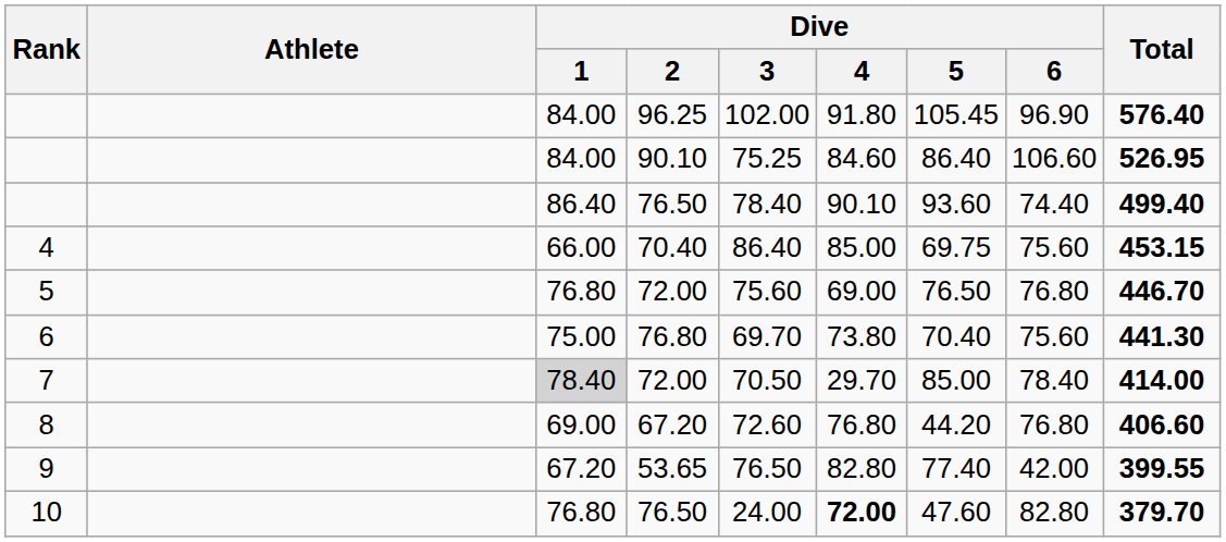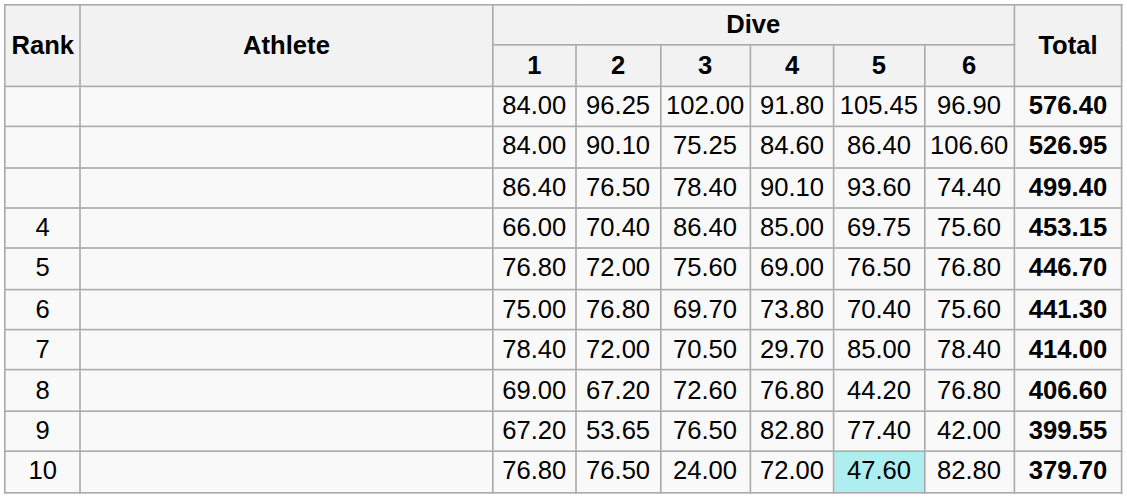 <table class=wikitable style="text-align:center">
 <tr>
 <th rowspan="2" width=40>Rank</th>
 <th rowspan="2" width=250>Athlete</th>
 <th colspan="6">Dive</th>
 <th rowspan="2" width=60>Total</th>
 </tr>
 <tr>
 <th width=45>1</th>
 <th width=45>2</th>
 <th width=45>3</th>
 <th width=45>4</th>
 <th width=45>5</th>
 <th width=45>6</th>
 </tr>
 <tr>
 <td></td>
 <td align=left></td>
 <td>84.00</td>
 <td>96.25</td>
 <td>102.00</td>
 <td>91.80</td>
 <td>105.45</td>
 <td>96.90</td>
 <td><strong>576.40</strong></td>
 </tr>
 <tr>
 <td></td>
 <td align=left></td>
 <td>84.00</td>
 <td>90.10</td>
 <td>75.25</td>
 <td>84.60</td>
 <td>86.40</td>
 <td>106.60</td>
 <td><strong>526.95</strong></td>
 </tr>
 <tr>
 <td></td>
 <td align=left></td>
 <td>86.40</td>
 <td>76.50</td>
 <td>78.40</td>
 <td>90.10</td>
 <td>93.60</td>
 <td>74.40</td>
 <td><strong>499.40</strong></td>
 </tr>
 <tr>
 <td>4</td>
 <td align=left></td>
 <td>66.00</td>
 <td>70.40</td>
 <td>86.40</td>
 <td>85.00</td>
 <td>69.75</td>
 <td>75.60</td>
 <td><strong>453.15</strong></td>
 </tr>
 <tr>
 <td>5</td>
 <td align=left></td>
 <td>76.80</td>
 <td>72.00</td>
 <td>75.60</td>
 <td>69.00</td>
 <td>76.50</td>
 <td>76.80</td>
 <td><strong>446.70</strong></td>
 </tr>
 <tr>
 <td>6</td>
 <td align=left></td>
 <td>75.00</td>
 <td>76.80</td>
 <td>69.70</td>
 <td>73.80</td>
 <td>70.40</td>
 <td>75.60</td>
 <td><strong>441.30</strong></td>
 </tr>
 <tr>
 <td>7</td>
 <td align=left></td>
-<td style="background: lightgrey;">78.40</td>
+<td>78.40</td>
 <td>72.00</td>
 <td>70.50</td>
 <td>29.70</td>
 <td>85.00</td>
 <td>78.40</td>
 <td><strong>414.00</strong></td>
 </tr>
 <tr>
 <td>8</td>
 <td align=left></td>
 <td>69.00</td>
 <td>67.20</td>
 <td>72.60</td>
 <td>76.80</td>
 <td>44.20</td>
 <td>76.80</td>
 <td><strong>406.60</strong></td>
 </tr>
 <tr>
 <td>9</td>
 <td align=left></td>
 <td>67.20</td>
 <td>53.65</td>
 <td>76.50</td>
 <td>82.80</td>
 <td>77.40</td>
 <td>42.00</td>
 <td><strong>399.55</strong></td>
 </tr>
 <tr>
 <td>10</td>
 <td align=left></td>
 <td>76.80</td>
 <td>76.50</td>
 <td>24.00</td>
-<td><strong>72.00</strong></td>
-<td>47.60</td>
+<td>72.00</td>
+<td style="background: paleturquoise;">47.60</td>
 <td>82.80</td>
 <td><strong>379.70</strong></td>
 </tr>
 </table>
